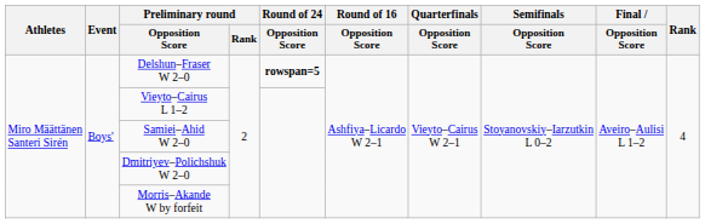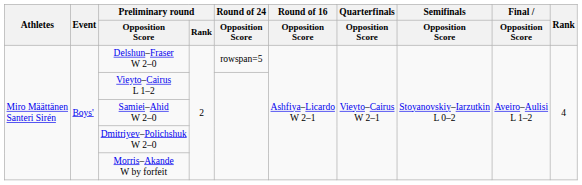 <table class=wikitable style="font-size:90%; white-space:nowrap">
 <tr>
 <th rowspan="2">Athletes</th>
 <th rowspan="2">Event</th>
 <th colspan="2">Preliminary round</th>
 <th>Round of 24</th>
 <th>Round of 16</th>
 <th>Quarterfinals</th>
 <th>Semifinals</th>
 <th>Final / </th>
 <th rowspan=2>Rank</th>
 </tr>
 <tr style="font-size:95%">
 <th>Opposition<br>Score</th>
 <th>Rank</th>
 <th>Opposition<br>Score</th>
 <th>Opposition<br>Score</th>
 <th>Opposition<br>Score</th>
 <th>Opposition<br>Score</th>
 <th>Opposition<br>Score</th>
 </tr>
 <tr align=center>
 <td align=left rowspan=5><a href='#'>Miro Määttänen</a><br><a href='#'>Santeri Sirén</a></td>
 <td align=left rowspan=5><a href='#'>Boys'</a></td>
 <td> <a href='#'>Delshun</a>–<a href='#'>Fraser</a><br>W 2–0</td>
 <td rowspan=5>2</td>
-<td><strong>rowspan=5 </strong></td>
+<td>rowspan=5 </td>
 <td rowspan=5> <a href='#'>Ashfiya</a>–<a href='#'>Licardo</a><br>W 2–1</td>
 <td rowspan=5> <a href='#'>Vieyto</a>–<a href='#'>Cairus</a><br>W 2–1</td>
 <td rowspan=5> <a href='#'>Stoyanovskiy</a>–<a href='#'>Iarzutkin</a><br>L 0–2</td>
 <td rowspan=5> <a href='#'>Aveiro</a>–<a href='#'>Aulisi</a><br>L 1–2</td>
 <td rowspan=5>4</td>
 </tr>
 <tr align=center>
 <td> <a href='#'>Vieyto</a>–<a href='#'>Cairus</a><br>L 1–2</td>
 </tr>
 <tr align=center>
 <td> <a href='#'>Samiei</a>–<a href='#'>Ahid</a><br>W 2–0</td>
 </tr>
 <tr align=center>
 <td> <a href='#'>Dmitriyev</a>–<a href='#'>Polichshuk</a><br>W 2–0</td>
 </tr>
 <tr align=center>
 <td> <a href='#'>Morris</a>–<a href='#'>Akande</a><br>W by forfeit</td>
 </tr>
 </table>
